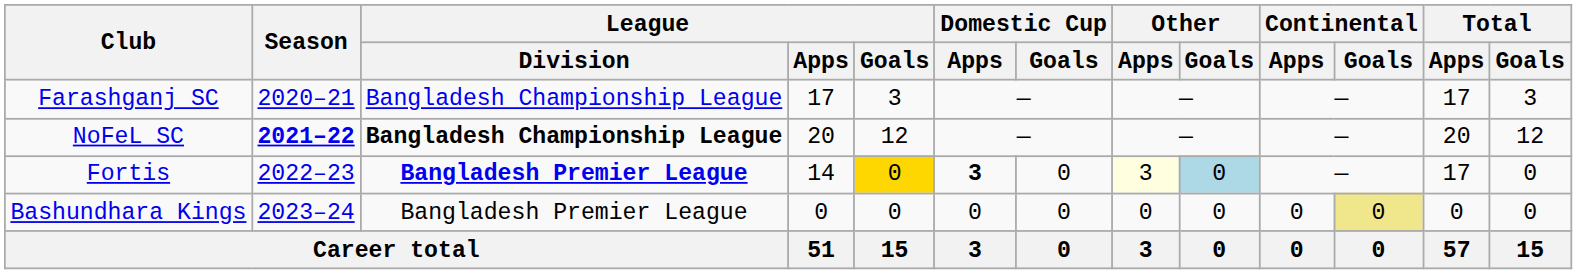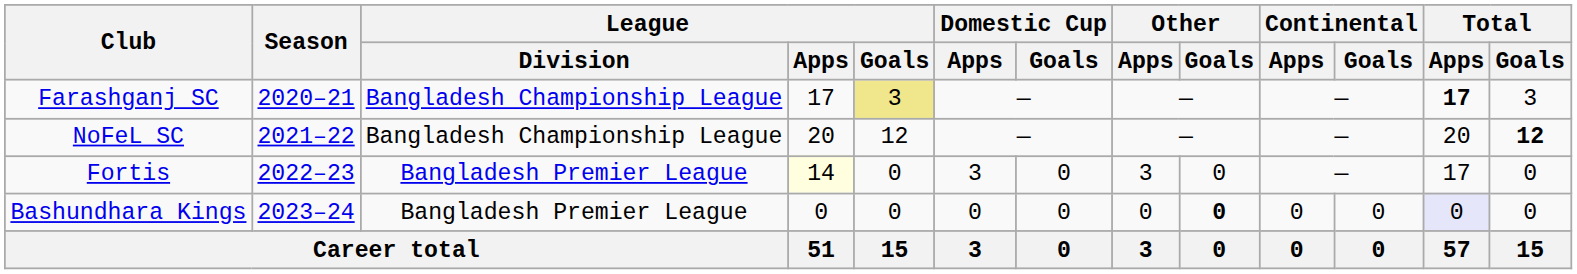 <table class="wikitable" style="text-align:center">
 <tr>
 <th rowspan="2">Club</th>
 <th rowspan="2">Season</th>
 <th colspan="3">League</th>
 <th colspan="2">Domestic Cup</th>
 <th colspan="2">Other</th>
 <th colspan="2">Continental</th>
 <th colspan="2">Total</th>
 </tr>
 <tr>
 <th>Division</th>
 <th>Apps</th>
 <th>Goals</th>
 <th>Apps</th>
 <th>Goals</th>
 <th>Apps</th>
 <th>Goals</th>
 <th>Apps</th>
 <th>Goals</th>
 <th>Apps</th>
 <th>Goals</th>
 </tr>
 <tr>
 <td><a href='#'>Farashganj SC</a></td>
 <td><a href='#'>2020–21</a></td>
 <td><a href='#'>Bangladesh Championship League</a></td>
 <td>17</td>
-<td>3</td>
+<td style="background: khaki;">3</td>
 <td colspan="2">—</td>
 <td colspan="2">—</td>
 <td colspan="2">—</td>
-<td>17</td>
+<td><strong>17</strong></td>
 <td>3</td>
 </tr>
 <tr>
 <td><a href='#'>NoFeL SC</a></td>
-<td><strong><a href='#'>2021–22</a></strong></td>
-<td><strong>Bangladesh Championship League</strong></td>
+<td><a href='#'>2021–22</a></td>
+<td>Bangladesh Championship League</td>
 <td>20</td>
 <td>12</td>
 <td colspan="2">—</td>
 <td colspan="2">—</td>
 <td colspan="2">—</td>
 <td>20</td>
-<td>12</td>
+<td><strong>12</strong></td>
 </tr>
 <tr>
 <td><a href='#'>Fortis</a></td>
 <td><a href='#'>2022–23</a></td>
-<td><strong><a href='#'>Bangladesh Premier League</a></strong></td>
-<td>14</td>
-<td style="background: gold;">0</td>
-<td><strong>3</strong></td>
+<td><a href='#'>Bangladesh Premier League</a></td>
+<td style="background: lightyellow;">14</td>
 <td>0</td>
-<td style="background: lightyellow;">3</td>
-<td style="background: lightblue;">0</td>
+<td>3</td>
+<td>0</td>
+<td>3</td>
+<td>0</td>
 <td colspan="2">—</td>
 <td>17</td>
 <td>0</td>
 </tr>
 <tr>
 <td><a href='#'>Bashundhara Kings</a></td>
 <td><a href='#'>2023–24</a></td>
 <td>Bangladesh Premier League</td>
 <td>0</td>
 <td>0</td>
 <td>0</td>
 <td>0</td>
 <td>0</td>
+<td><strong>0</strong></td>
 <td>0</td>
 <td>0</td>
-<td style="background: khaki;">0</td>
-<td>0</td>
+<td style="background: lavender;">0</td>
 <td>0</td>
 </tr>
 <tr>
 <th colspan="3">Career total</th>
 <th>51</th>
 <th>15</th>
 <th>3</th>
 <th>0</th>
 <th>3</th>
 <th>0</th>
 <th>0</th>
 <th>0</th>
 <th>57</th>
 <th>15</th>
 </tr>
 </table>
